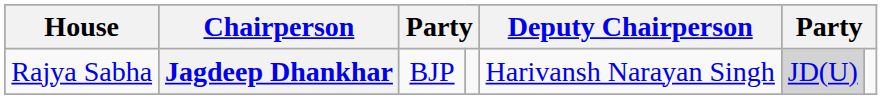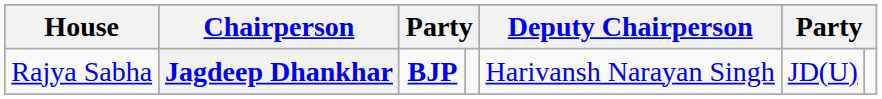 <table class="wikitable" style="text-align:center;">
 <tr>
 <th>House</th>
 <th><a href='#'>Chairperson</a></th>
 <th colspan="2" scope="col">Party</th>
 <th><a href='#'>Deputy Chairperson</a></th>
 <th colspan="2" scope="col">Party</th>
 </tr>
 <tr>
 <td><a href='#'>Rajya Sabha</a></td>
 <th><a href='#'>Jagdeep Dhankhar</a></th>
-<td><a href='#'>BJP</a></td>
+<td><strong><a href='#'>BJP</a></strong></td>
 <td style="background-color: "></td>
 <td><a href='#'>Harivansh Narayan Singh</a></td>
-<td style="background: lightgrey;"><a href='#'>JD(U)</a></td>
+<td><a href='#'>JD(U)</a></td>
 <td style="background-color: "></td>
 </tr>
 </table>
